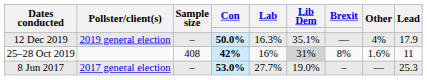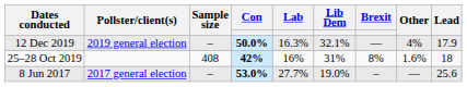 <table class="wikitable sortable mw-datatable" style="text-align:center;line-height:14px;">
 <tr>
 <th rowspan="2">Dates<br>conducted</th>
 <th rowspan="2">Pollster/client(s)</th>
 <th rowspan="2" data-sort-type="number">Sample<br>size</th>
 <th class="unsortable" style="width:50px;"><a href='#'>Con</a></th>
 <th class="unsortable" style="width:50px;"><a href='#'>Lab</a></th>
 <th class="unsortable" style="width:50px;"><a href='#'>Lib Dem</a></th>
 <th class="unsortable" style="width:50px;"><a href='#'>Brexit</a></th>
 <th rowspan="2" class="unsortable">Other</th>
 <th rowspan="2" data-sort-type="number">Lead</th>
 </tr>
 <tr>
 <th data-sort-type="number" style="background:"></th>
 <th data-sort-type="number" style="background:"></th>
 <th data-sort-type="number" style="background:"></th>
 <th data-sort-type="number" style="background:"></th>
 </tr>
 <tr style="background:#E9E9E9;">
 <td data-sort-value="2017-06-08">12 Dec 2019</td>
 <td><a href='#'>2019 general election</a></td>
 <td>–</td>
 <td style="background:#CCEBFF;"><strong>50.0%</strong></td>
 <td>16.3%</td>
-<td>35.1%</td>
+<td>32.1%</td>
 <td>—</td>
 <td>4%</td>
 <td style="background:">17.9</td>
 </tr>
 <tr>
 <td data-sort-value="2019-10-29">25–28 Oct 2019</td>
 <td></td>
 <td>408</td>
 <td style="background:#CCEBFF;"><strong>42%</strong></td>
 <td>16%</td>
-<td style="background: lightgrey;">31%</td>
+<td>31%</td>
 <td>8%</td>
 <td>1.6%</td>
-<td style="background:">11</td>
+<td style="background:">18</td>
 </tr>
 <tr style="background:#E9E9E9;">
 <td data-sort-value="2017-06-08">8 Jun 2017</td>
 <td><a href='#'>2017 general election</a></td>
 <td>–</td>
 <td style="background:#CCEBFF;"><strong>53.0%</strong></td>
 <td>27.7%</td>
 <td>19.0%</td>
 <td>–</td>
 <td>—</td>
-<td style="background:">25.3</td>
+<td style="background:">25.6</td>
 </tr>
 </table>
